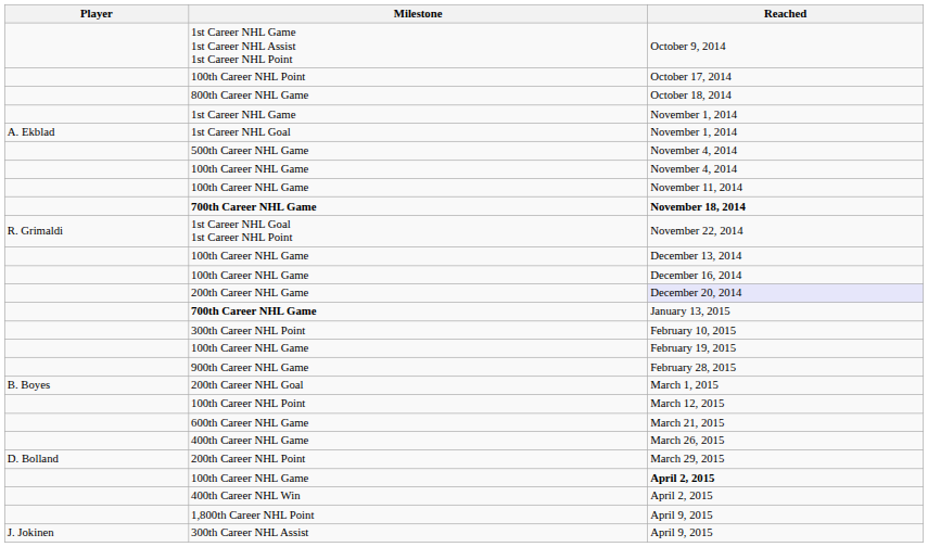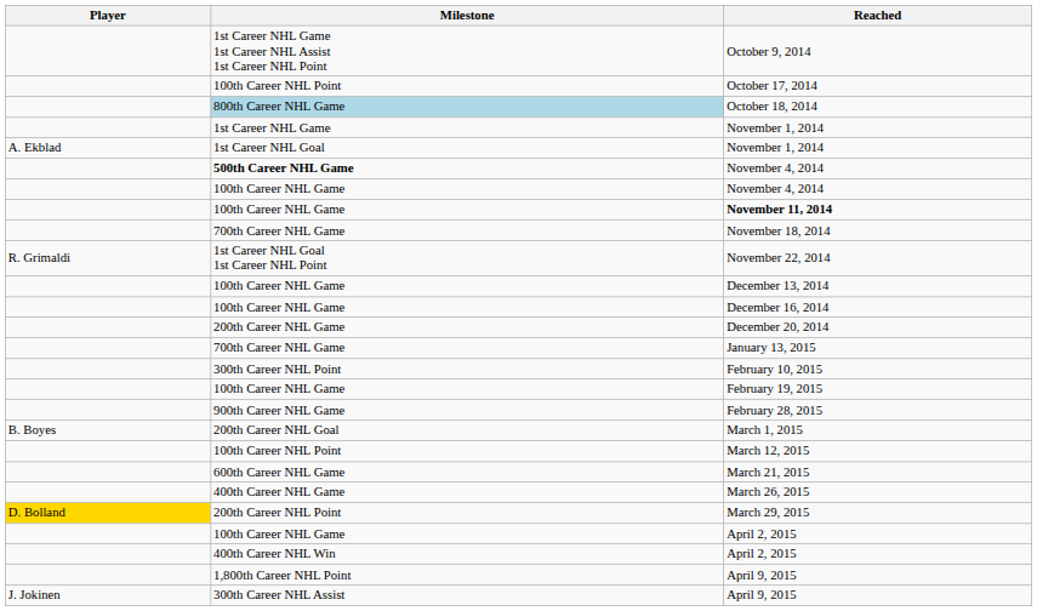 <table class="wikitable sortable" style="width:100%;">
 <tr align=center>
 <th style="width:20%;">Player</th>
 <th style="width:50%;">Milestone</th>
 <th style="width:30%;" data-sort-type="date">Reached</th>
 </tr>
 <tr>
 <td></td>
 <td>1st Career NHL Game<br>1st Career NHL Assist<br>1st Career NHL Point</td>
 <td>October 9, 2014</td>
 </tr>
 <tr>
 <td></td>
 <td>100th Career NHL Point</td>
 <td>October 17, 2014</td>
 </tr>
 <tr>
 <td></td>
-<td>800th Career NHL Game</td>
+<td style="background: lightblue;">800th Career NHL Game</td>
 <td>October 18, 2014</td>
 </tr>
 <tr>
 <td></td>
 <td>1st Career NHL Game</td>
 <td>November 1, 2014</td>
 </tr>
 <tr>
 <td>A. Ekblad</td>
 <td>1st Career NHL Goal</td>
 <td>November 1, 2014</td>
 </tr>
 <tr>
 <td></td>
-<td>500th Career NHL Game</td>
+<td><strong>500th Career NHL Game</strong></td>
 <td>November 4, 2014</td>
 </tr>
 <tr>
 <td></td>
 <td>100th Career NHL Game</td>
 <td>November 4, 2014</td>
 </tr>
 <tr>
 <td></td>
 <td>100th Career NHL Game</td>
-<td>November 11, 2014</td>
+<td><strong>November 11, 2014</strong></td>
 </tr>
 <tr>
 <td></td>
-<td><strong>700th Career NHL Game</strong></td>
-<td><strong>November 18, 2014</strong></td>
+<td>700th Career NHL Game</td>
+<td>November 18, 2014</td>
 </tr>
 <tr>
 <td>R. Grimaldi</td>
 <td>1st Career NHL Goal<br>1st Career NHL Point</td>
 <td>November 22, 2014</td>
 </tr>
 <tr>
 <td></td>
 <td>100th Career NHL Game</td>
 <td>December 13, 2014</td>
 </tr>
 <tr>
 <td></td>
 <td>100th Career NHL Game</td>
 <td>December 16, 2014</td>
 </tr>
 <tr>
 <td></td>
 <td>200th Career NHL Game</td>
-<td style="background: lavender;">December 20, 2014</td>
+<td>December 20, 2014</td>
 </tr>
 <tr>
 <td></td>
-<td><strong>700th Career NHL Game</strong></td>
+<td>700th Career NHL Game</td>
 <td>January 13, 2015</td>
 </tr>
 <tr>
 <td></td>
 <td>300th Career NHL Point</td>
 <td>February 10, 2015</td>
 </tr>
 <tr>
 <td></td>
 <td>100th Career NHL Game</td>
 <td>February 19, 2015</td>
 </tr>
 <tr>
 <td></td>
 <td>900th Career NHL Game</td>
 <td>February 28, 2015</td>
 </tr>
 <tr>
 <td>B. Boyes</td>
 <td>200th Career NHL Goal</td>
 <td>March 1, 2015</td>
 </tr>
 <tr>
 <td></td>
 <td>100th Career NHL Point</td>
 <td>March 12, 2015</td>
 </tr>
 <tr>
 <td></td>
 <td>600th Career NHL Game</td>
 <td>March 21, 2015</td>
 </tr>
 <tr>
 <td></td>
 <td>400th Career NHL Game</td>
 <td>March 26, 2015</td>
 </tr>
 <tr>
-<td>D. Bolland</td>
+<td style="background: gold;">D. Bolland</td>
 <td>200th Career NHL Point</td>
 <td>March 29, 2015</td>
 </tr>
 <tr>
 <td></td>
 <td>100th Career NHL Game</td>
-<td><strong>April 2, 2015</strong></td>
+<td>April 2, 2015</td>
 </tr>
 <tr>
 <td></td>
 <td>400th Career NHL Win</td>
 <td>April 2, 2015</td>
 </tr>
 <tr>
 <td></td>
 <td>1,800th Career NHL Point</td>
 <td>April 9, 2015</td>
 </tr>
 <tr>
 <td>J. Jokinen</td>
 <td>300th Career NHL Assist</td>
 <td>April 9, 2015</td>
 </tr>
 </table>
